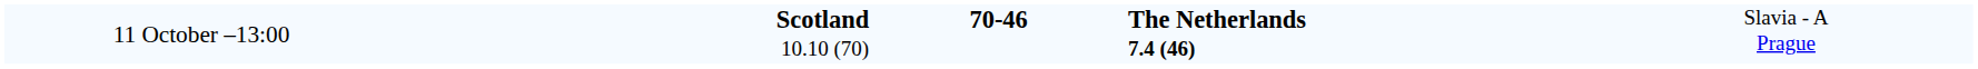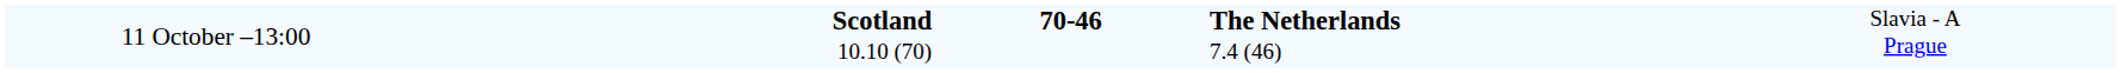 <table style="width: 100%; background:#F5FAFF;" cellspacing="0">
 <tr>
 <td style=font-size:95% align=center rowspan=3 width=20%>11 October –13:00</td>
 </tr>
 <tr>
 <td width=24% align=right><strong>Scotland</strong> </td>
 <td align=center width=13%><strong>70-46</strong></td>
 <td width=24%> <strong>The Netherlands</strong></td>
 <td style=font-size:85% rowspan=3 valign=top align=center>Slavia - A <br><a href='#'>Prague</a></td>
 </tr>
 <tr style=font-size:85%>
 <td align=right>10.10 (70)</td>
 <td align=center></td>
-<td><strong>7.4 (46)</strong></td>
+<td>7.4 (46)</td>
 </tr>
 </table>
